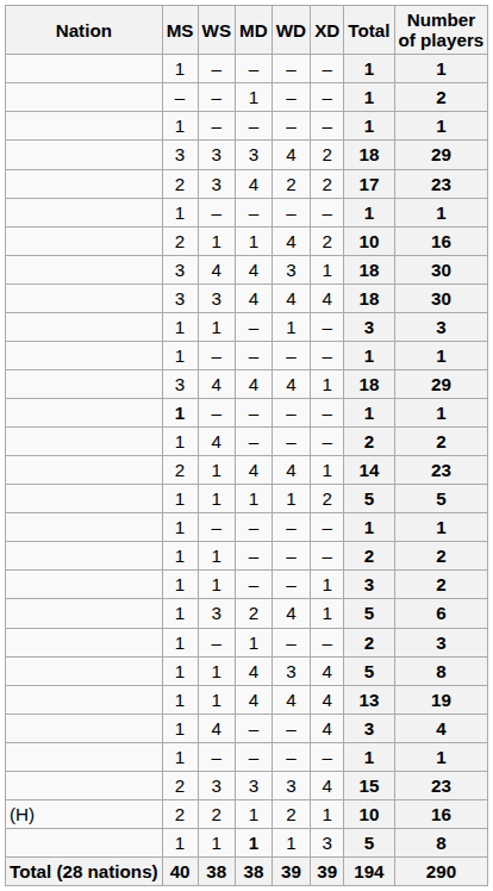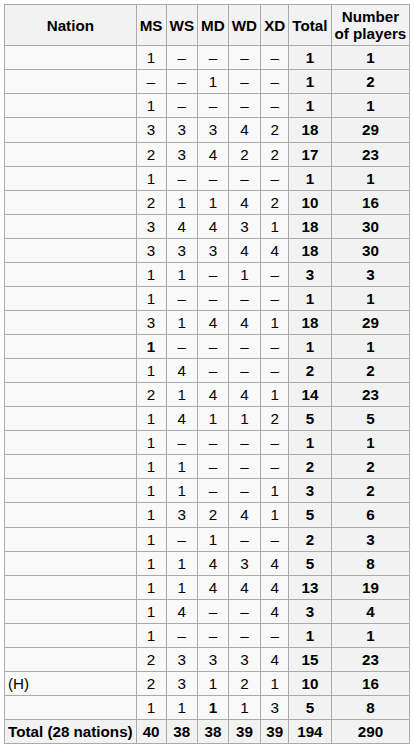 <table class="sortable wikitable" style="font-size:95%; text-align:center">
 <tr>
 <th>Nation</th>
 <th>MS</th>
 <th>WS</th>
 <th>MD</th>
 <th>WD</th>
 <th>XD</th>
 <th>Total</th>
 <th>Number<br>of players</th>
 </tr>
 <tr>
 <td align="left"></td>
 <td>1</td>
 <td>–</td>
 <td>–</td>
 <td>–</td>
 <td>–</td>
 <th>1</th>
 <th>1</th>
 </tr>
 <tr>
 <td align="left"></td>
 <td>–</td>
 <td>–</td>
 <td>1</td>
 <td>–</td>
 <td>–</td>
 <th>1</th>
 <th>2</th>
 </tr>
 <tr>
 <td align="left"></td>
 <td>1</td>
 <td>–</td>
 <td>–</td>
 <td>–</td>
 <td>–</td>
 <th>1</th>
 <th>1</th>
 </tr>
 <tr>
 <td align="left"></td>
 <td>3</td>
 <td>3</td>
 <td>3</td>
 <td>4</td>
 <td>2</td>
 <th>18</th>
 <th>29</th>
 </tr>
 <tr>
 <td align="left"></td>
 <td>2</td>
 <td>3</td>
 <td>4</td>
 <td>2</td>
 <td>2</td>
 <th>17</th>
 <th>23</th>
 </tr>
 <tr>
 <td align="left"></td>
 <td>1</td>
 <td>–</td>
 <td>–</td>
 <td>–</td>
 <td>–</td>
 <th>1</th>
 <th>1</th>
 </tr>
 <tr>
 <td align="left"></td>
 <td>2</td>
 <td>1</td>
 <td>1</td>
 <td>4</td>
 <td>2</td>
 <th>10</th>
 <th>16</th>
 </tr>
 <tr>
 <td align="left"></td>
 <td>3</td>
 <td>4</td>
 <td>4</td>
 <td>3</td>
 <td>1</td>
 <th>18</th>
 <th>30</th>
 </tr>
 <tr>
 <td align="left"></td>
 <td>3</td>
 <td>3</td>
-<td>4</td>
+<td>3</td>
 <td>4</td>
 <td>4</td>
 <th>18</th>
 <th>30</th>
 </tr>
 <tr>
 <td align="left"></td>
 <td>1</td>
 <td>1</td>
 <td>–</td>
 <td>1</td>
 <td>–</td>
 <th>3</th>
 <th>3</th>
 </tr>
 <tr>
 <td align="left"></td>
 <td>1</td>
 <td>–</td>
 <td>–</td>
 <td>–</td>
 <td>–</td>
 <th>1</th>
 <th>1</th>
 </tr>
 <tr>
 <td align="left"></td>
 <td>3</td>
-<td>4</td>
+<td>1</td>
 <td>4</td>
 <td>4</td>
 <td>1</td>
 <th>18</th>
 <th>29</th>
 </tr>
 <tr>
 <td align="left"></td>
 <td><strong>1</strong></td>
 <td>–</td>
 <td>–</td>
 <td>–</td>
 <td>–</td>
 <th>1</th>
 <th>1</th>
 </tr>
 <tr>
 <td align="left"></td>
 <td>1</td>
 <td>4</td>
 <td>–</td>
 <td>–</td>
 <td>–</td>
 <th>2</th>
 <th>2</th>
 </tr>
 <tr>
 <td align="left"></td>
 <td>2</td>
 <td>1</td>
 <td>4</td>
 <td>4</td>
 <td>1</td>
 <th>14</th>
 <th>23</th>
 </tr>
 <tr>
 <td align="left"></td>
 <td>1</td>
-<td>1</td>
+<td>4</td>
 <td>1</td>
 <td>1</td>
 <td>2</td>
 <th>5</th>
 <th>5</th>
 </tr>
 <tr>
 <td align="left"></td>
 <td>1</td>
 <td>–</td>
 <td>–</td>
 <td>–</td>
 <td>–</td>
 <th>1</th>
 <th>1</th>
 </tr>
 <tr>
 <td align="left"></td>
 <td>1</td>
 <td>1</td>
 <td>–</td>
 <td>–</td>
 <td>–</td>
 <th>2</th>
 <th>2</th>
 </tr>
 <tr>
 <td align="left"></td>
 <td>1</td>
 <td>1</td>
 <td>–</td>
 <td>–</td>
 <td>1</td>
 <th>3</th>
 <th>2</th>
 </tr>
 <tr>
 <td align="left"></td>
 <td>1</td>
 <td>3</td>
 <td>2</td>
 <td>4</td>
 <td>1</td>
 <th>5</th>
 <th>6</th>
 </tr>
 <tr>
 <td align="left"></td>
 <td>1</td>
 <td>–</td>
 <td>1</td>
 <td>–</td>
 <td>–</td>
 <th>2</th>
 <th>3</th>
 </tr>
 <tr>
 <td align="left"></td>
 <td>1</td>
 <td>1</td>
 <td>4</td>
 <td>3</td>
 <td>4</td>
 <th>5</th>
 <th>8</th>
 </tr>
 <tr>
 <td align="left"></td>
 <td>1</td>
 <td>1</td>
 <td>4</td>
 <td>4</td>
 <td>4</td>
 <th>13</th>
 <th>19</th>
 </tr>
 <tr>
 <td align="left"></td>
 <td>1</td>
 <td>4</td>
 <td>–</td>
 <td>–</td>
 <td>4</td>
 <th>3</th>
 <th>4</th>
 </tr>
 <tr>
 <td align="left"></td>
 <td>1</td>
 <td>–</td>
 <td>–</td>
 <td>–</td>
 <td>–</td>
 <th>1</th>
 <th>1</th>
 </tr>
 <tr>
 <td align="left"></td>
 <td>2</td>
 <td>3</td>
 <td>3</td>
 <td>3</td>
 <td>4</td>
 <th>15</th>
 <th>23</th>
 </tr>
 <tr>
 <td align="left"> (H)</td>
 <td>2</td>
-<td>2</td>
+<td>3</td>
 <td>1</td>
 <td>2</td>
 <td>1</td>
 <th>10</th>
 <th>16</th>
 </tr>
 <tr>
 <td align="left"></td>
 <td>1</td>
 <td>1</td>
 <td><strong>1</strong></td>
 <td>1</td>
 <td>3</td>
 <th>5</th>
 <th>8</th>
 </tr>
 <tr>
 <th align="left">Total (28 nations)</th>
 <th>40</th>
 <th>38</th>
 <th>38</th>
 <th>39</th>
 <th>39</th>
 <th>194</th>
 <th>290</th>
 </tr>
 </table>
